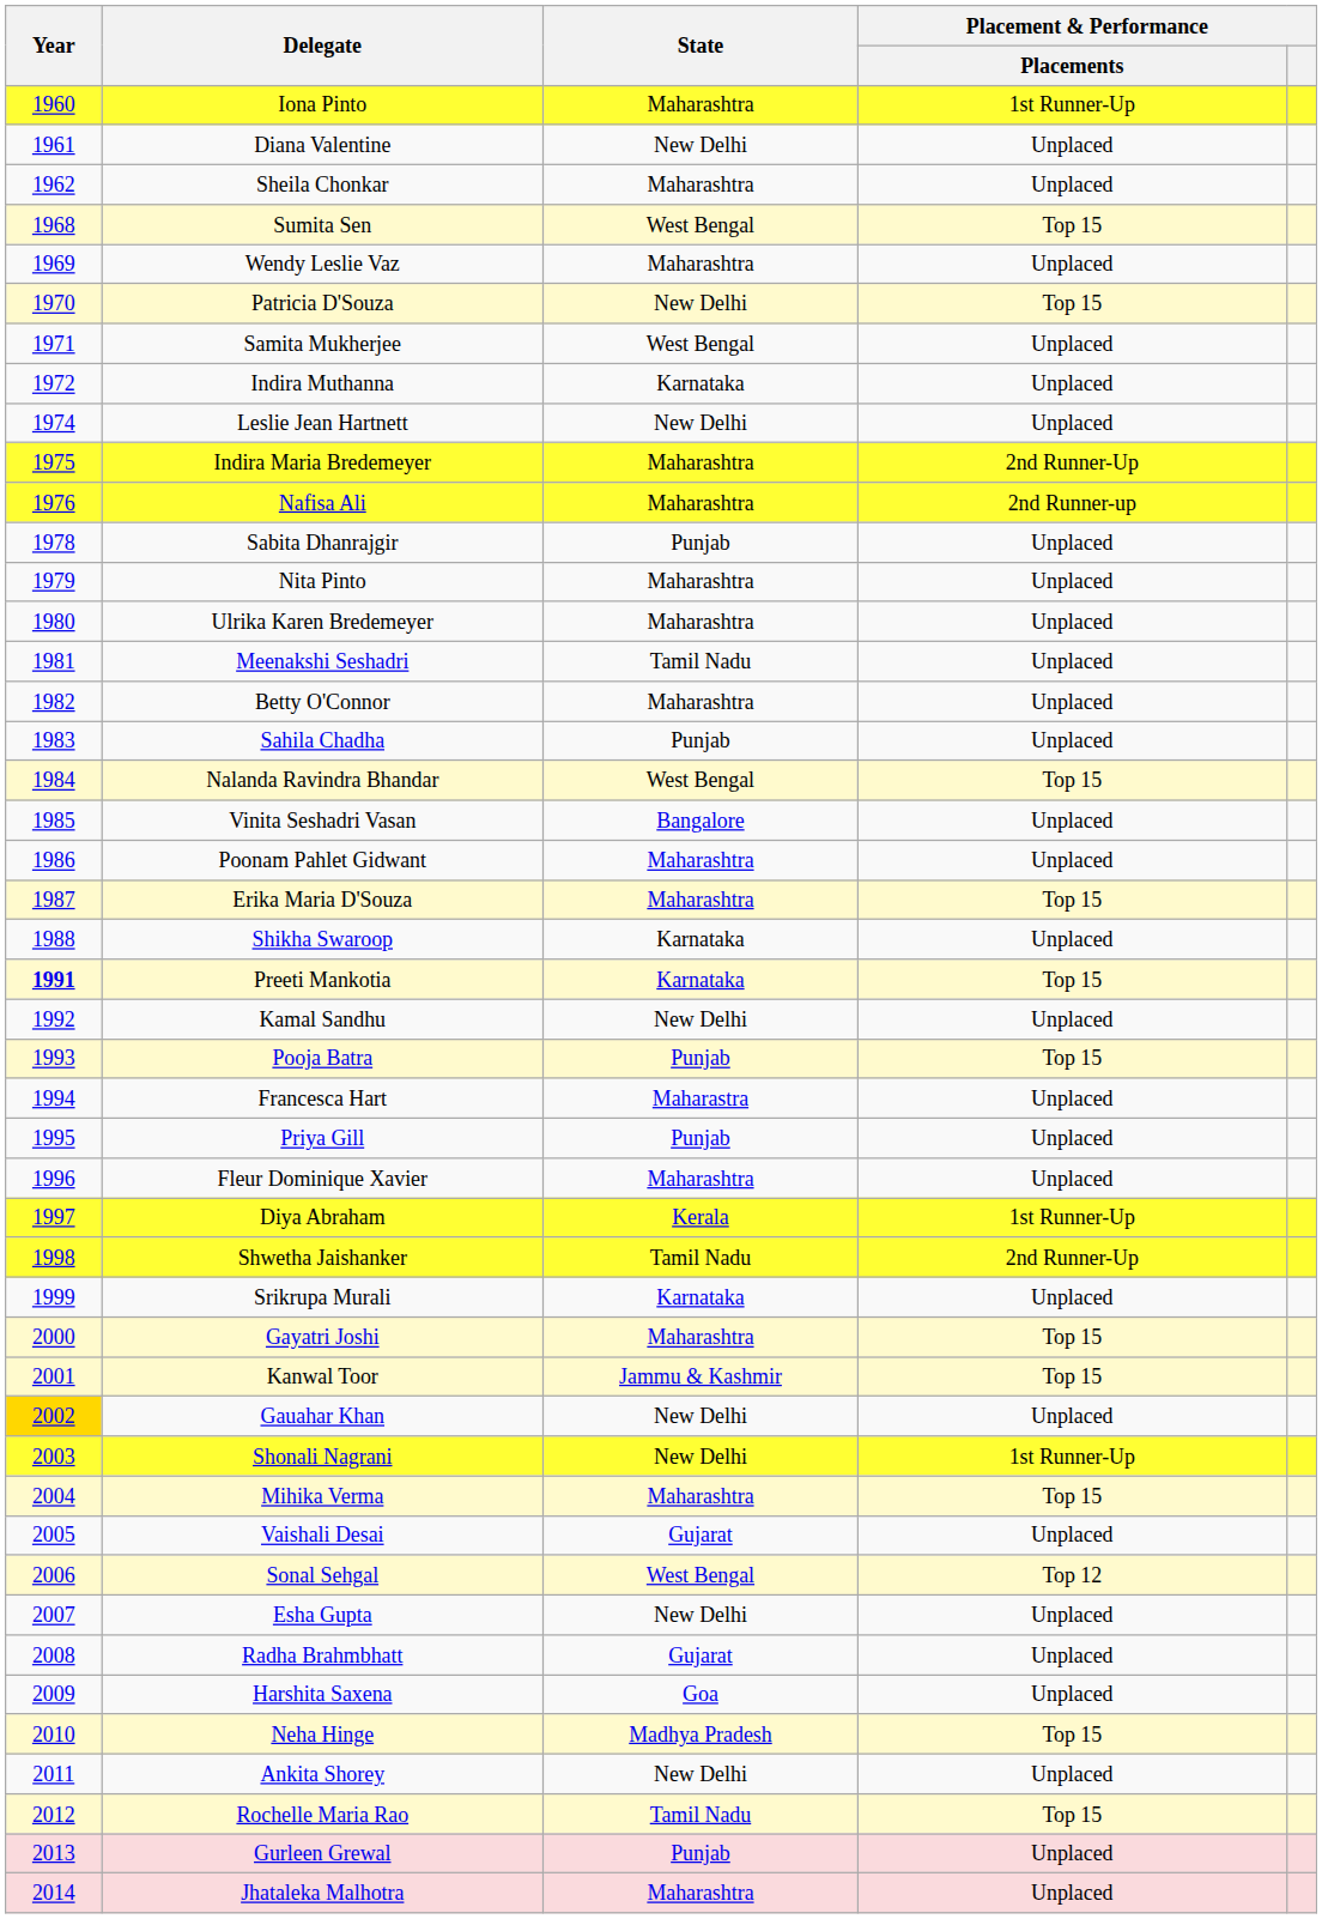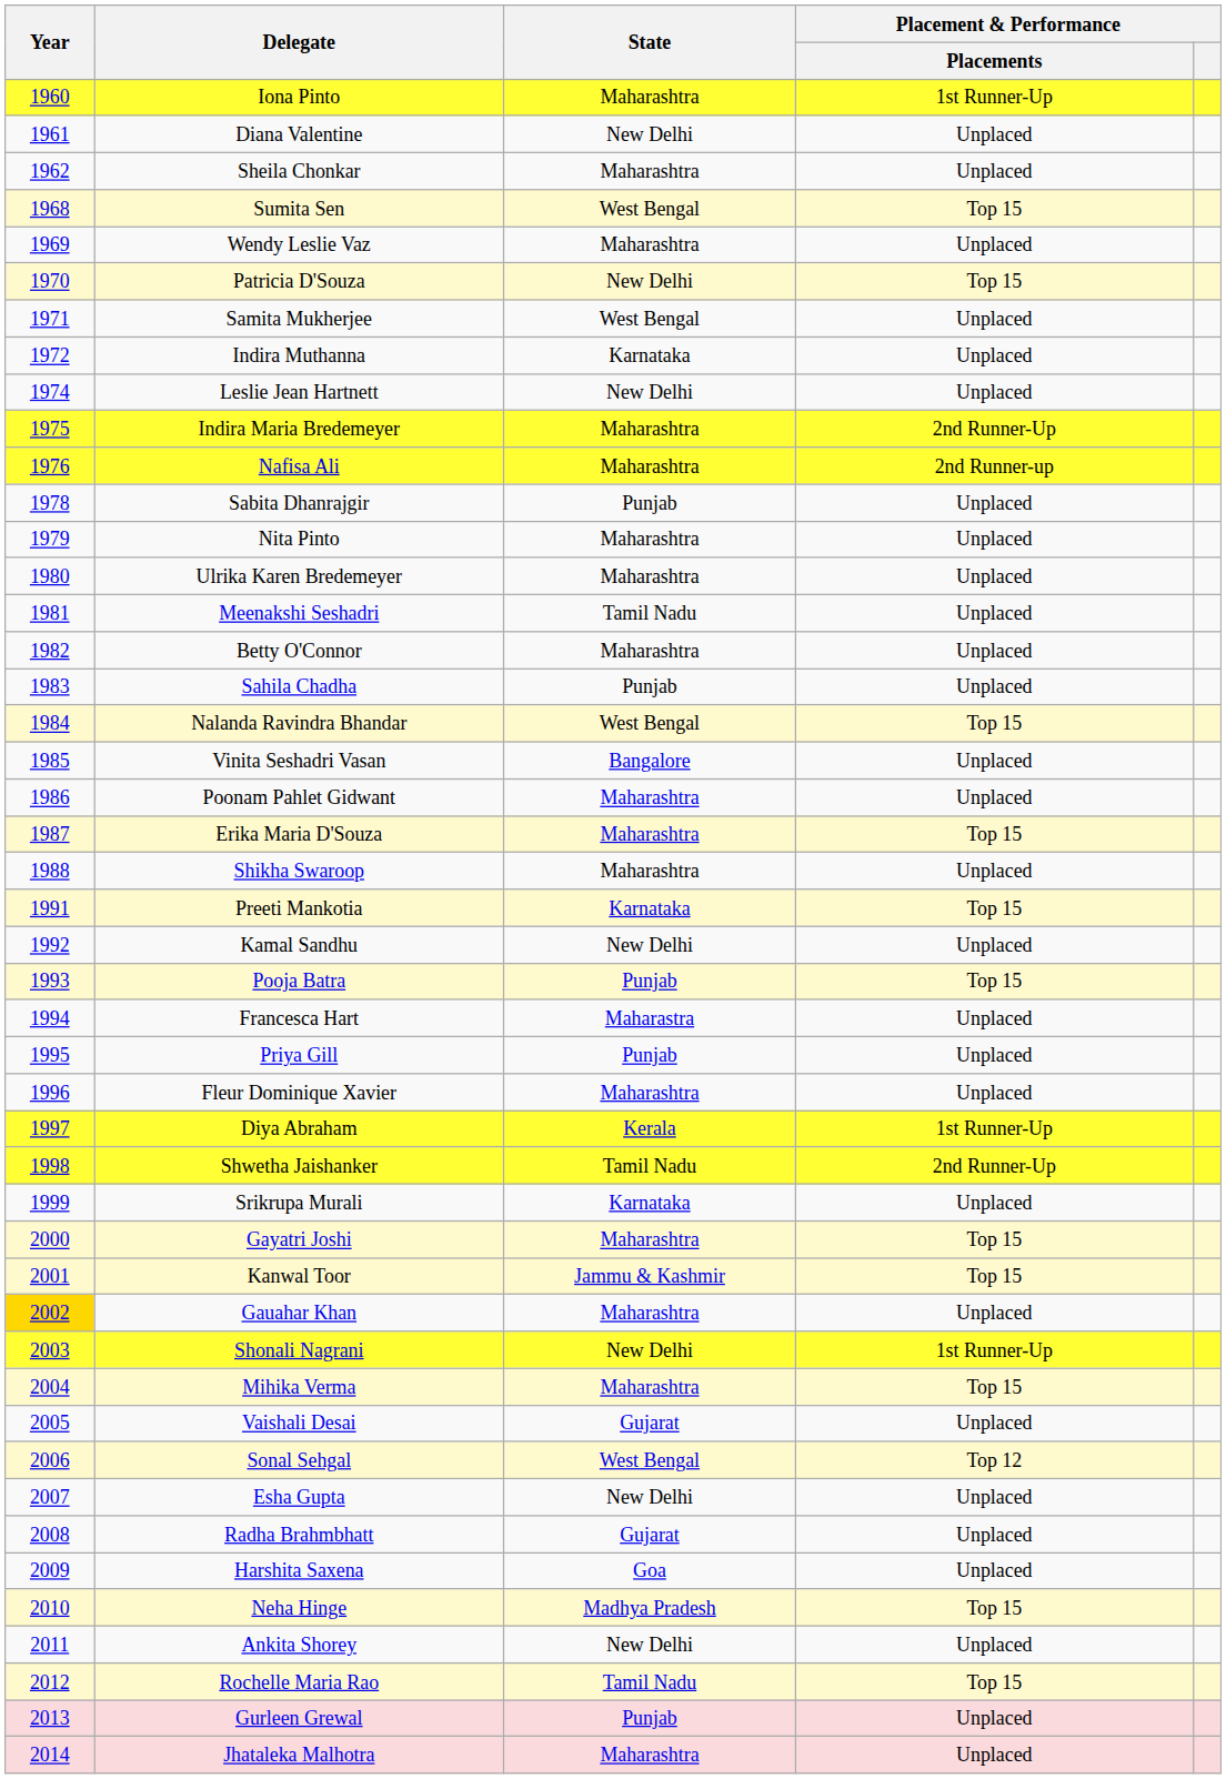 <table class="wikitable" style="text-align:center; line-height:20px; font-size:90%; width:100%;">
 <tr>
 <th rowspan="2">Year</th>
 <th rowspan="2">Delegate</th>
 <th rowspan="2">State</th>
 <th colspan="2">Placement & Performance</th>
 </tr>
 <tr>
 <th>Placements</th>
 <th></th>
 </tr>
 <tr style="background-color:#FFFF33;">
 <td><a href='#'>1960</a></td>
 <td>Iona Pinto</td>
 <td>Maharashtra</td>
 <td>1st Runner-Up</td>
 <td></td>
 </tr>
 <tr>
 <td><a href='#'>1961</a></td>
 <td>Diana Valentine</td>
 <td>New Delhi</td>
 <td>Unplaced</td>
 <td></td>
 </tr>
 <tr>
 <td><a href='#'>1962</a></td>
 <td>Sheila Chonkar</td>
 <td>Maharashtra</td>
 <td>Unplaced</td>
 <td></td>
 </tr>
 <tr style="background:#FFFACD;">
 <td><a href='#'>1968</a></td>
 <td>Sumita Sen</td>
 <td>West Bengal</td>
 <td>Top 15</td>
 <td></td>
 </tr>
 <tr>
 <td><a href='#'>1969</a></td>
 <td>Wendy Leslie Vaz</td>
 <td>Maharashtra</td>
 <td>Unplaced</td>
 <td></td>
 </tr>
 <tr style="background:#FFFACD;">
 <td><a href='#'>1970</a></td>
 <td>Patricia D'Souza</td>
 <td>New Delhi</td>
 <td>Top 15</td>
 <td></td>
 </tr>
 <tr>
 <td><a href='#'>1971</a></td>
 <td>Samita Mukherjee</td>
 <td>West Bengal</td>
 <td>Unplaced</td>
 <td></td>
 </tr>
 <tr>
 <td><a href='#'>1972</a></td>
 <td>Indira Muthanna</td>
 <td>Karnataka</td>
 <td>Unplaced</td>
 <td></td>
 </tr>
 <tr>
 <td><a href='#'>1974</a></td>
 <td>Leslie Jean Hartnett</td>
 <td>New Delhi</td>
 <td>Unplaced</td>
 <td></td>
 </tr>
 <tr style="background-color:#FFFF33;">
 <td><a href='#'>1975</a></td>
 <td>Indira Maria Bredemeyer</td>
 <td>Maharashtra</td>
 <td>2nd Runner-Up</td>
 <td></td>
 </tr>
 <tr style="background-color:#FFFF33;">
 <td><a href='#'>1976</a></td>
 <td><a href='#'>Nafisa Ali</a></td>
 <td>Maharashtra</td>
 <td>2nd Runner-up</td>
 <td></td>
 </tr>
 <tr>
 <td><a href='#'>1978</a></td>
 <td>Sabita Dhanrajgir</td>
 <td>Punjab</td>
 <td>Unplaced</td>
 <td></td>
 </tr>
 <tr>
 <td><a href='#'>1979</a></td>
 <td>Nita Pinto</td>
 <td>Maharashtra</td>
 <td>Unplaced</td>
 <td></td>
 </tr>
 <tr>
 <td><a href='#'>1980</a></td>
 <td>Ulrika Karen Bredemeyer</td>
 <td>Maharashtra</td>
 <td>Unplaced</td>
 <td></td>
 </tr>
 <tr>
 <td><a href='#'>1981</a></td>
 <td><a href='#'>Meenakshi Seshadri</a></td>
 <td>Tamil Nadu</td>
 <td>Unplaced</td>
 <td></td>
 </tr>
 <tr>
 <td><a href='#'>1982</a></td>
 <td>Betty O'Connor</td>
 <td>Maharashtra</td>
 <td>Unplaced</td>
 <td></td>
 </tr>
 <tr>
 <td><a href='#'>1983</a></td>
 <td><a href='#'>Sahila Chadha</a></td>
 <td>Punjab</td>
 <td>Unplaced</td>
 <td></td>
 </tr>
 <tr style="background:#FFFACD;">
 <td><a href='#'>1984</a></td>
 <td>Nalanda Ravindra Bhandar</td>
 <td>West Bengal</td>
 <td>Top 15</td>
 <td></td>
 </tr>
 <tr>
 <td><a href='#'>1985</a></td>
 <td>Vinita Seshadri Vasan</td>
 <td><a href='#'>Bangalore</a></td>
 <td>Unplaced</td>
 <td></td>
 </tr>
 <tr>
 <td><a href='#'>1986</a></td>
 <td>Poonam Pahlet Gidwant</td>
 <td><a href='#'>Maharashtra</a></td>
 <td>Unplaced</td>
 <td></td>
 </tr>
 <tr style="background:#FFFACD;">
 <td><a href='#'>1987</a></td>
 <td>Erika Maria D'Souza</td>
 <td><a href='#'>Maharashtra</a></td>
 <td>Top 15</td>
 <td></td>
 </tr>
 <tr>
 <td><a href='#'>1988</a></td>
 <td><a href='#'>Shikha Swaroop</a></td>
-<td>Karnataka</td>
+<td>Maharashtra</td>
 <td>Unplaced</td>
 <td></td>
 </tr>
 <tr style="background:#FFFACD;">
-<td><strong><a href='#'>1991</a></strong></td>
+<td><a href='#'>1991</a></td>
 <td>Preeti Mankotia</td>
 <td><a href='#'>Karnataka</a></td>
 <td>Top 15</td>
 <td></td>
 </tr>
 <tr>
 <td><a href='#'>1992</a></td>
 <td>Kamal Sandhu</td>
 <td>New Delhi</td>
 <td>Unplaced</td>
 <td></td>
 </tr>
 <tr style="background:#FFFACD;">
 <td><a href='#'>1993</a></td>
 <td><a href='#'>Pooja Batra</a></td>
 <td><a href='#'>Punjab</a></td>
 <td>Top 15</td>
 <td></td>
 </tr>
 <tr>
 <td><a href='#'>1994</a></td>
 <td>Francesca Hart</td>
 <td><a href='#'>Maharastra</a></td>
 <td>Unplaced</td>
 <td></td>
 </tr>
 <tr>
 <td><a href='#'>1995</a></td>
 <td><a href='#'>Priya Gill</a></td>
 <td><a href='#'>Punjab</a></td>
 <td>Unplaced</td>
 <td></td>
 </tr>
 <tr>
 <td><a href='#'>1996</a></td>
 <td>Fleur Dominique Xavier</td>
 <td><a href='#'>Maharashtra</a></td>
 <td>Unplaced</td>
 <td></td>
 </tr>
 <tr style="background-color:#FFFF33;">
 <td><a href='#'>1997</a></td>
 <td>Diya Abraham</td>
 <td><a href='#'>Kerala</a></td>
 <td>1st Runner-Up</td>
 <td></td>
 </tr>
 <tr style="background-color:#FFFF33;">
 <td><a href='#'>1998</a></td>
 <td>Shwetha Jaishanker</td>
 <td>Tamil Nadu</td>
 <td>2nd Runner-Up</td>
 <td></td>
 </tr>
 <tr>
 <td><a href='#'>1999</a></td>
 <td>Srikrupa Murali</td>
 <td><a href='#'>Karnataka</a></td>
 <td>Unplaced</td>
 <td></td>
 </tr>
 <tr style="background:#FFFACD;">
 <td><a href='#'>2000</a></td>
 <td><a href='#'>Gayatri Joshi</a></td>
 <td><a href='#'>Maharashtra</a></td>
 <td>Top 15</td>
 <td></td>
 </tr>
 <tr style="background:#FFFACD;">
 <td><a href='#'>2001</a></td>
 <td>Kanwal Toor</td>
 <td><a href='#'>Jammu & Kashmir</a></td>
 <td>Top 15</td>
 <td></td>
 </tr>
 <tr>
 <td style="background: gold;"><a href='#'>2002</a></td>
 <td><a href='#'>Gauahar Khan</a></td>
-<td>New Delhi</td>
+<td><a href='#'>Maharashtra</a></td>
 <td>Unplaced</td>
 <td></td>
 </tr>
 <tr style="background-color:#FFFF33;">
 <td><a href='#'>2003</a></td>
 <td><a href='#'>Shonali Nagrani</a></td>
 <td>New Delhi</td>
 <td>1st Runner-Up</td>
 <td></td>
 </tr>
 <tr style="background:#FFFACD;">
 <td><a href='#'>2004</a></td>
 <td><a href='#'>Mihika Verma</a></td>
 <td><a href='#'>Maharashtra</a></td>
 <td>Top 15</td>
 <td></td>
 </tr>
 <tr>
 <td><a href='#'>2005</a></td>
 <td><a href='#'>Vaishali Desai</a></td>
 <td><a href='#'>Gujarat</a></td>
 <td>Unplaced</td>
 <td></td>
 </tr>
 <tr style="background:#FFFACD;">
 <td><a href='#'>2006</a></td>
 <td><a href='#'>Sonal Sehgal</a></td>
 <td><a href='#'>West Bengal</a></td>
 <td>Top 12</td>
 <td></td>
 </tr>
 <tr>
 <td><a href='#'>2007</a></td>
 <td><a href='#'>Esha Gupta</a></td>
 <td>New Delhi</td>
 <td>Unplaced</td>
 <td></td>
 </tr>
 <tr>
 <td><a href='#'>2008</a></td>
 <td><a href='#'>Radha Brahmbhatt</a></td>
 <td><a href='#'>Gujarat</a></td>
 <td>Unplaced</td>
 <td></td>
 </tr>
 <tr>
 <td><a href='#'>2009</a></td>
 <td><a href='#'>Harshita Saxena</a></td>
 <td><a href='#'>Goa</a></td>
 <td>Unplaced</td>
 <td></td>
 </tr>
 <tr style="background:#FFFACD;">
 <td><a href='#'>2010</a></td>
 <td><a href='#'>Neha Hinge</a></td>
 <td><a href='#'>Madhya Pradesh</a></td>
 <td>Top 15</td>
 <td></td>
 </tr>
 <tr>
 <td><a href='#'>2011</a></td>
 <td><a href='#'>Ankita Shorey</a></td>
 <td>New Delhi</td>
 <td>Unplaced</td>
 <td></td>
 </tr>
 <tr style="background:#FFFACD;">
 <td><a href='#'>2012</a></td>
 <td><a href='#'>Rochelle Maria Rao</a></td>
 <td><a href='#'>Tamil Nadu</a></td>
 <td>Top 15</td>
 <td></td>
 </tr>
 <tr style="background-color:#FADADD;: bold">
 <td><a href='#'>2013</a></td>
 <td><a href='#'>Gurleen Grewal</a></td>
 <td><a href='#'>Punjab</a></td>
 <td>Unplaced</td>
 <td style="background:;"></td>
 </tr>
 <tr style="background-color:#FADADD;">
 <td><a href='#'>2014</a></td>
 <td><a href='#'>Jhataleka Malhotra</a></td>
 <td><a href='#'>Maharashtra</a></td>
 <td>Unplaced</td>
 <td style="background:;"></td>
 </tr>
 </table>
